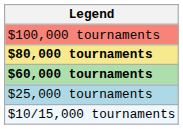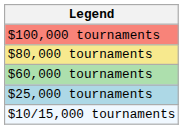 <table class=wikitable style="font-size:85%">
 <tr>
 <th>Legend</th>
 </tr>
 <tr style="background:#f88379;">
 <td>$100,000 tournaments</td>
 </tr>
 <tr style="background:#f7e98e;">
-<td><strong>$80,000 tournaments</strong></td>
+<td>$80,000 tournaments</td>
 </tr>
 <tr style="background:#addfad;">
-<td><strong>$60,000 tournaments</strong></td>
+<td>$60,000 tournaments</td>
 </tr>
 <tr style="background:lightblue;">
 <td>$25,000 tournaments</td>
 </tr>
 <tr style="background:#f0f8ff;">
 <td>$10/15,000 tournaments</td>
 </tr>
 </table>
